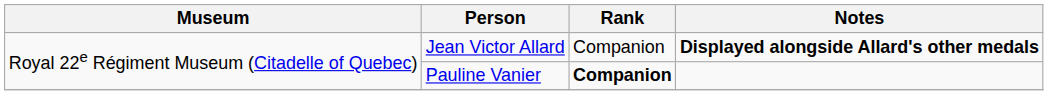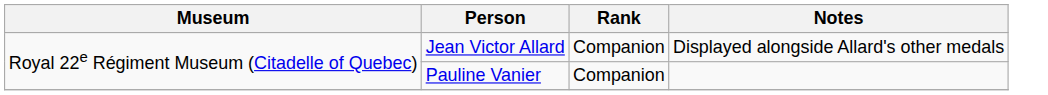 <table class="wikitable">
 <tr>
 <th>Museum</th>
 <th>Person</th>
 <th>Rank</th>
 <th>Notes</th>
 </tr>
 <tr>
 <td rowspan=2>Royal 22<sup>e</sup> Régiment Museum (<a href='#'>Citadelle of Quebec</a>)</td>
 <td><a href='#'>Jean Victor Allard</a></td>
 <td>Companion</td>
-<td><strong>Displayed alongside Allard's other medals</strong></td>
+<td>Displayed alongside Allard's other medals</td>
 </tr>
 <tr>
 <td><a href='#'>Pauline Vanier</a></td>
-<td><strong>Companion</strong></td>
+<td>Companion</td>
 <td></td>
 </tr>
 <tr>
 </tr>
 </table>
